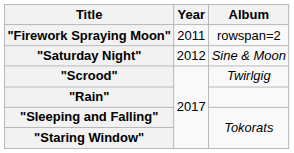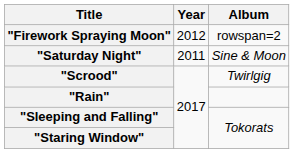 <table class="wikitable plainrowheaders" style="text-align:center;">
 <tr>
 <th>Title</th>
 <th>Year</th>
 <th>Album</th>
 </tr>
 <tr>
 <th scope="row">"Firework Spraying Moon"</th>
-<td>2011</td>
+<td>2012</td>
 <td>rowspan=2 </td>
 </tr>
 <tr>
 <th scope="row">"Saturday Night"</th>
-<td>2012</td>
+<td>2011</td>
 <td><em>Sine & Moon</em></td>
 </tr>
 <tr>
 <th scope="row">"Scrood"</th>
 <td rowspan=4>2017</td>
 <td><em>Twirlgig</em></td>
 </tr>
 <tr>
 <th scope="row">"Rain"</th>
 </tr>
 <tr>
 <th scope="row">"Sleeping and Falling"</th>
 <td rowspan=2><em>Tokorats</em></td>
 </tr>
 <tr>
 <th scope="row">"Staring Window"</th>
 </tr>
 </table>
